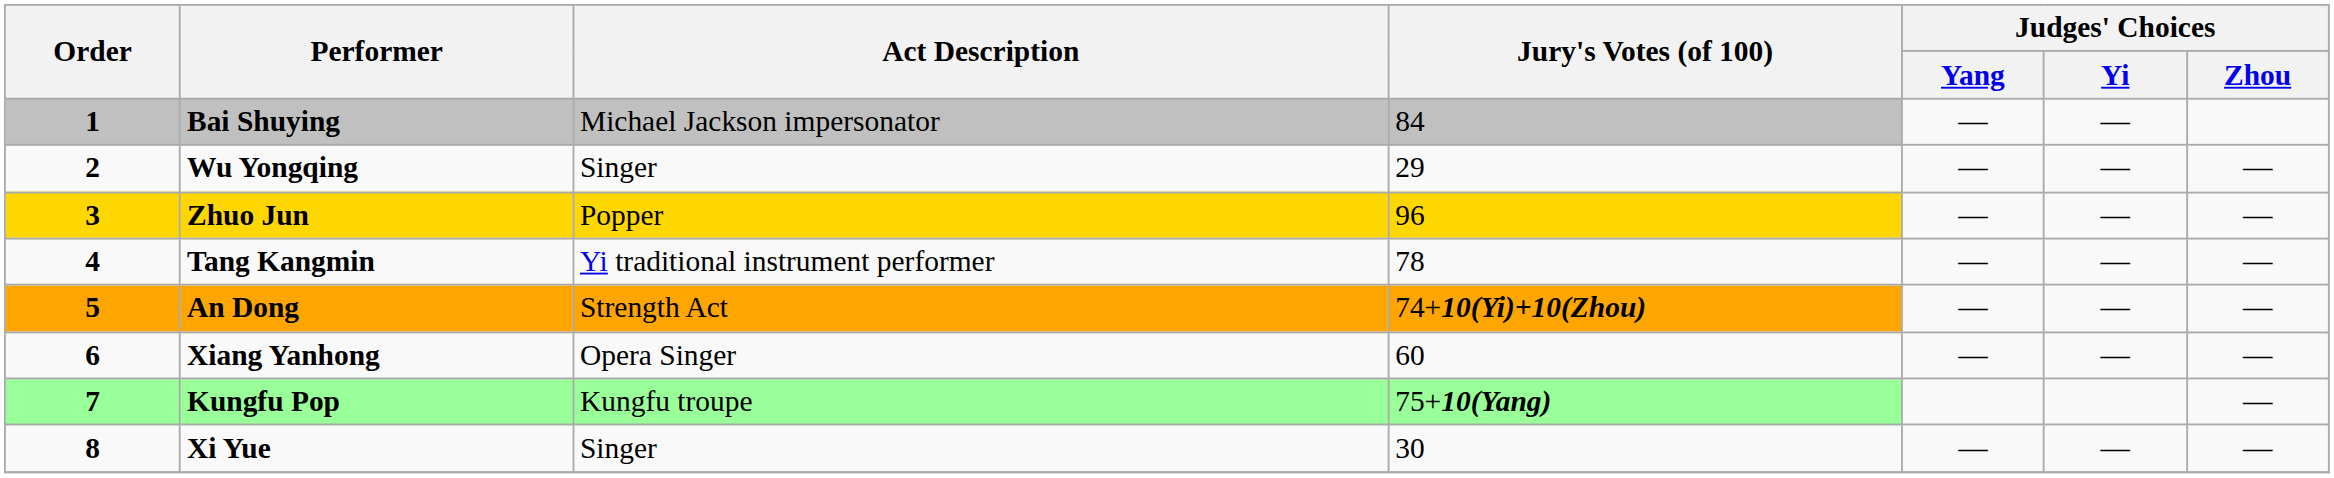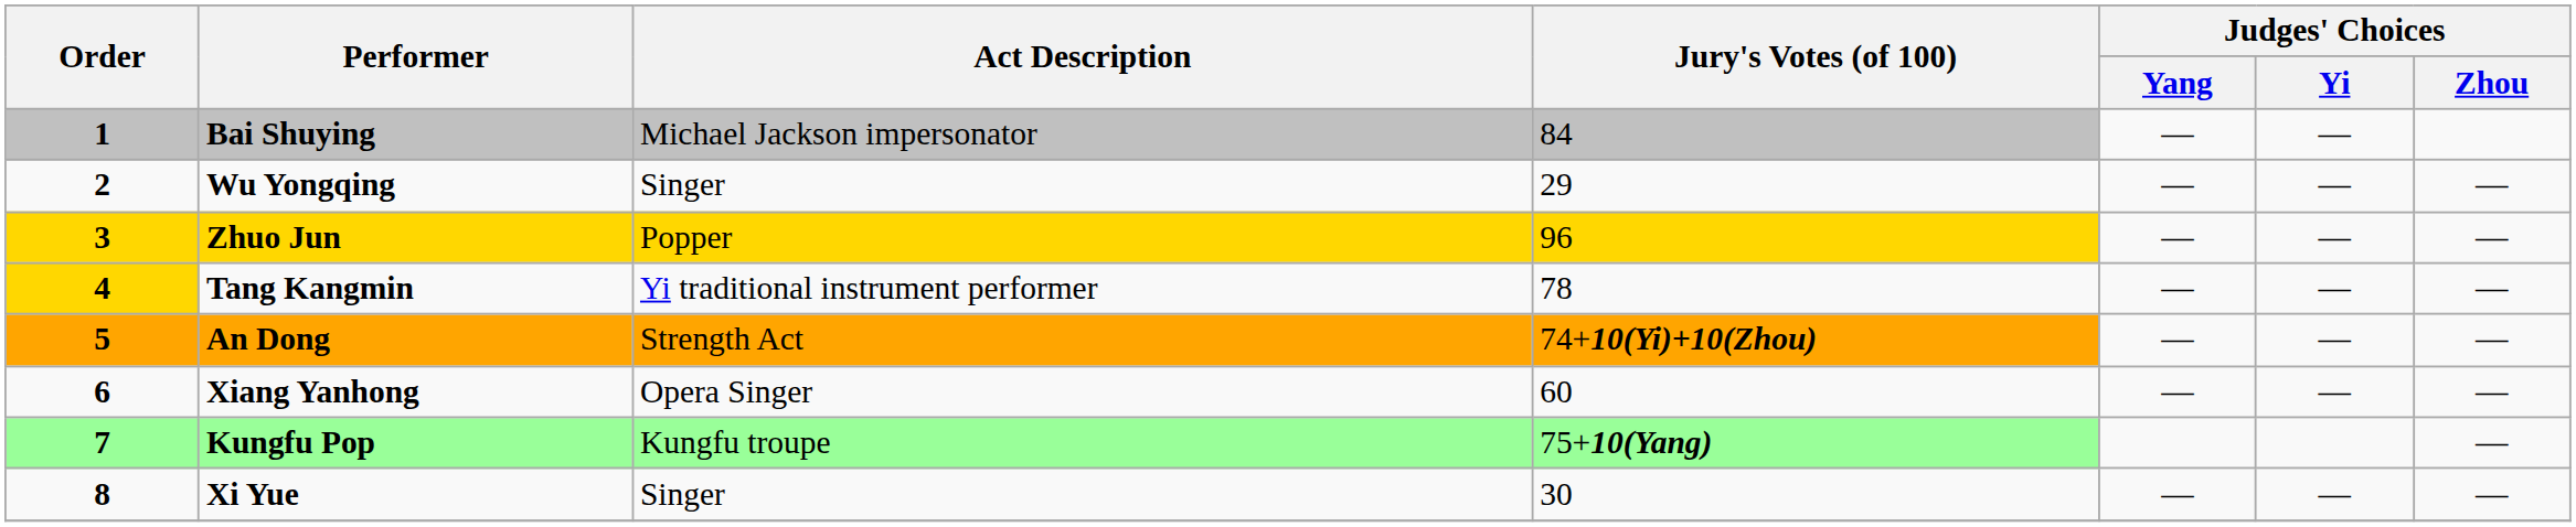 <table class="wikitable" style="width:100%;">
 <tr>
 <th rowspan=2>Order</th>
 <th rowspan=2>Performer</th>
 <th rowspan=2>Act Description</th>
 <th rowspan=2>Jury's Votes (of 100)</th>
 <th colspan=3>Judges' Choices</th>
 </tr>
 <tr>
 <th width="70"><a href='#'>Yang</a></th>
 <th width="70"><a href='#'>Yi</a></th>
 <th width="70"><a href='#'>Zhou</a></th>
 </tr>
 <tr>
 <td style="background: silver" align="center"><strong>1</strong></td>
 <td style="background: silver"><strong>Bai Shuying</strong></td>
 <td style="background: silver">Michael Jackson impersonator</td>
 <td style="background: silver">84</td>
 <td align="center">—</td>
 <td align="center">—</td>
 <td align="center"></td>
 </tr>
 <tr>
 <td align="center"><strong>2</strong></td>
 <td><strong>Wu Yongqing</strong></td>
 <td>Singer</td>
 <td>29</td>
 <td align="center">—</td>
 <td align="center">—</td>
 <td align="center">—</td>
 </tr>
 <tr>
 <td style="background: gold" align="center"><strong>3</strong></td>
 <td style="background: gold"><strong>Zhuo Jun</strong></td>
 <td style="background: gold">Popper</td>
 <td style="background: gold">96</td>
 <td align="center">—</td>
 <td align="center">—</td>
 <td align="center">—</td>
 </tr>
 <tr>
-<td align="center"><strong>4</strong></td>
+<td align="center" style="background: gold;"><strong>4</strong></td>
 <td><strong>Tang Kangmin</strong></td>
 <td><a href='#'>Yi</a> traditional instrument performer</td>
 <td>78</td>
 <td align="center">—</td>
 <td align="center">—</td>
 <td align="center">—</td>
 </tr>
 <tr>
 <td style="background: orange" align="center"><strong>5</strong></td>
 <td style="background: orange"><strong>An Dong</strong></td>
 <td style="background: orange">Strength Act</td>
 <td style="background: orange">74+<strong><em>10(Yi)+10(Zhou)</em></strong></td>
 <td align="center">—</td>
 <td align="center">—</td>
 <td align="center">—</td>
 </tr>
 <tr>
 <td align="center"><strong>6</strong></td>
 <td><strong>Xiang Yanhong</strong></td>
 <td>Opera Singer</td>
 <td>60</td>
 <td align="center">—</td>
 <td align="center">—</td>
 <td align="center">—</td>
 </tr>
 <tr>
 <td style="background: #99FF99" align="center"><strong>7</strong></td>
 <td style="background: #99FF99"><strong>Kungfu Pop</strong></td>
 <td style="background: #99FF99">Kungfu troupe</td>
 <td style="background: #99FF99">75+<strong><em>10(Yang)</em></strong></td>
 <td align="center"></td>
 <td align="center"></td>
 <td align="center">—</td>
 </tr>
 <tr>
 <td align="center"><strong>8</strong></td>
 <td><strong>Xi Yue</strong></td>
 <td>Singer</td>
 <td>30</td>
 <td align="center">—</td>
 <td align="center">—</td>
 <td align="center">—</td>
 </tr>
 <tr>
 </tr>
 </table>
